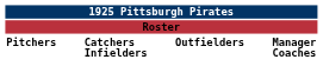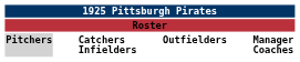 <table class="toccolours" style="font-size: 95%;">
 <tr>
 <th colspan="10" style="background-color: #023465; color: white; text-align: center;">1925 Pittsburgh Pirates</th>
 </tr>
 <tr>
 <td colspan="10" style="background-color: #ba313c; color: black; text-align: center;"><strong>Roster</strong></td>
 </tr>
 <tr>
-<td valign="top"><strong>Pitchers</strong><br>          </td>
+<td valign="top" style="background: lightgrey;"><strong>Pitchers</strong><br>          </td>
 <td width="25px"></td>
 <td valign="top"><strong>Catchers</strong><br>   <strong>Infielders</strong>         </td>
 <td width="25px"></td>
 <td valign="top"><strong>Outfielders</strong><br>    </td>
 <td width="25px"></td>
 <td valign="top"><strong>Manager</strong><br> <strong>Coaches</strong> </td>
 </tr>
 </table>
